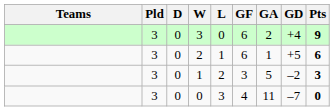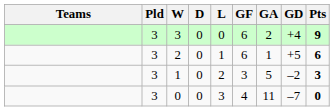 <table class="wikitable" style="text-align: center;">
 <tr>
 <th width=165>Teams</th>
 <th width=20>Pld</th>
+<th width=20>W</th>
 <th width=20>D</th>
-<th width=20>W</th>
 <th width=20>L</th>
 <th width=20>GF</th>
 <th width=20>GA</th>
 <th width=20>GD</th>
 <th width=20>Pts</th>
 </tr>
 <tr align=center style="background:#ccffcc;">
 <td style="text-align:left;"></td>
 <td>3</td>
+<td>3</td>
 <td>0</td>
-<td>3</td>
 <td>0</td>
 <td>6</td>
 <td>2</td>
 <td>+4</td>
 <td><strong>9</strong></td>
 </tr>
 <tr align=center>
 <td style="text-align:left;"></td>
 <td>3</td>
+<td>2</td>
 <td>0</td>
-<td>2</td>
 <td>1</td>
 <td>6</td>
 <td>1</td>
 <td>+5</td>
 <td><strong>6</strong></td>
 </tr>
 <tr align=center>
 <td style="text-align:left;"></td>
 <td>3</td>
+<td>1</td>
 <td>0</td>
-<td>1</td>
 <td>2</td>
 <td>3</td>
 <td>5</td>
 <td>–2</td>
 <td><strong>3</strong></td>
 </tr>
 <tr align=center>
 <td style="text-align:left;"></td>
 <td>3</td>
 <td>0</td>
 <td>0</td>
 <td>3</td>
 <td>4</td>
 <td>11</td>
 <td>–7</td>
 <td><strong>0</strong></td>
 </tr>
 </table>
